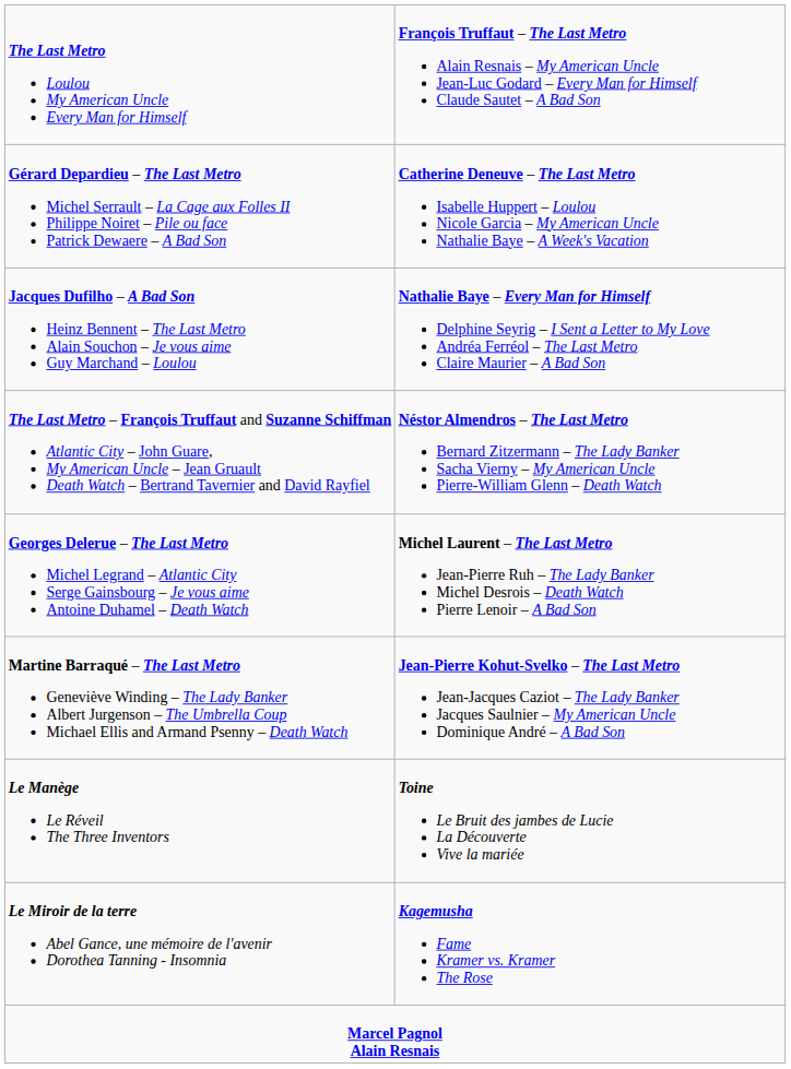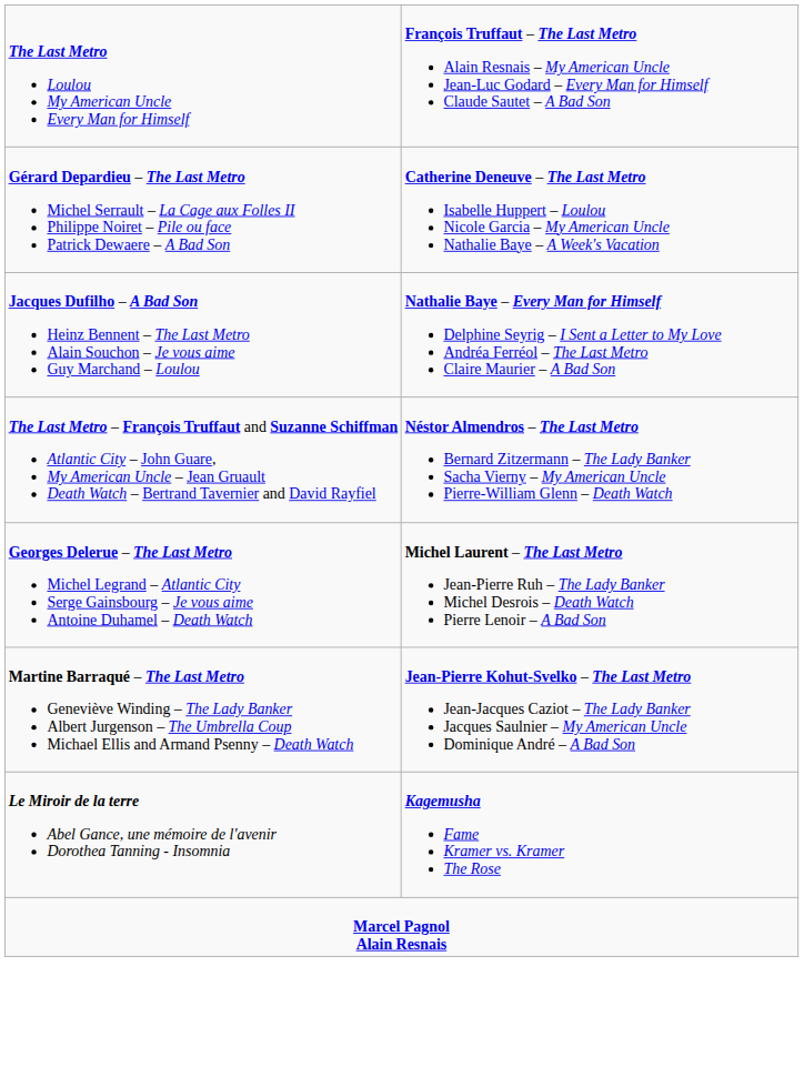 <table class=wikitable style="width="150%">
 <tr>
 <td valign="top" width="50%"><br><br><strong><em><a href='#'>The Last Metro</a></em></strong><ul><li><em><a href='#'>Loulou</a></em></li><li><em><a href='#'>My American Uncle</a></em></li><li><em><a href='#'>Every Man for Himself</a></em></li></ul></td>
 <td valign="top" width="50%"><br>  <strong><a href='#'>François Truffaut</a></strong> – <strong><em><a href='#'>The Last Metro</a></em></strong><ul><li><a href='#'>Alain Resnais</a> – <em><a href='#'>My American Uncle</a></em></li><li><a href='#'>Jean-Luc Godard</a> – <em><a href='#'>Every Man for Himself</a></em></li><li><a href='#'>Claude Sautet</a> – <em><a href='#'>A Bad Son</a></em></li></ul></td>
 </tr>
 <tr>
 <td valign="top" width="50%"><br>  <strong><a href='#'>Gérard Depardieu</a></strong> – <strong><em><a href='#'>The Last Metro</a></em></strong><ul><li><a href='#'>Michel Serrault</a> – <em><a href='#'>La Cage aux Folles II</a></em></li><li><a href='#'>Philippe Noiret</a> – <em><a href='#'>Pile ou face</a></em></li><li><a href='#'>Patrick Dewaere</a> – <em><a href='#'>A Bad Son</a></em></li></ul></td>
 <td valign="top" width="50%"><br>  <strong><a href='#'>Catherine Deneuve</a></strong> – <strong><em><a href='#'>The Last Metro</a></em></strong><ul><li><a href='#'>Isabelle Huppert</a> – <em><a href='#'>Loulou</a></em></li><li><a href='#'>Nicole Garcia</a> – <em><a href='#'>My American Uncle</a></em></li><li><a href='#'>Nathalie Baye</a> – <em><a href='#'>A Week's Vacation</a></em></li></ul></td>
 </tr>
 <tr>
 <td valign="top" width="50%"><br> <strong><a href='#'>Jacques Dufilho</a></strong> – <strong><em><a href='#'>A Bad Son</a></em></strong><ul><li><a href='#'>Heinz Bennent</a> – <em><a href='#'>The Last Metro</a></em></li><li><a href='#'>Alain Souchon</a> – <em><a href='#'>Je vous aime</a></em></li><li><a href='#'>Guy Marchand</a> – <em><a href='#'>Loulou</a></em></li></ul></td>
 <td valign="top" width="50%"><br>  <strong><a href='#'>Nathalie Baye</a></strong> – <strong><em><a href='#'>Every Man for Himself</a></em></strong><ul><li><a href='#'>Delphine Seyrig</a> – <em><a href='#'>I Sent a Letter to My Love</a></em></li><li><a href='#'>Andréa Ferréol</a> – <em><a href='#'>The Last Metro</a></em></li><li><a href='#'>Claire Maurier</a> – <em><a href='#'>A Bad Son</a></em></li></ul></td>
 </tr>
 <tr>
 <td valign="top" width="50%"><br> <strong><em><a href='#'>The Last Metro</a></em></strong> – <strong><a href='#'>François Truffaut</a></strong> and <strong><a href='#'>Suzanne Schiffman</a></strong><ul><li><em><a href='#'>Atlantic City</a></em> – <a href='#'>John Guare</a>,</li><li><em><a href='#'>My American Uncle</a></em> – <a href='#'>Jean Gruault</a></li><li><em><a href='#'>Death Watch</a></em> – <a href='#'>Bertrand Tavernier</a> and <a href='#'>David Rayfiel</a></li></ul></td>
 <td valign="top" width="50%"><br> <strong><a href='#'>Néstor Almendros</a></strong> – <strong><em><a href='#'>The Last Metro</a></em></strong><ul><li><a href='#'>Bernard Zitzermann</a> – <em><a href='#'>The Lady Banker</a></em></li><li><a href='#'>Sacha Vierny</a> – <em><a href='#'>My American Uncle</a></em></li><li><a href='#'>Pierre-William Glenn</a> – <em><a href='#'>Death Watch</a></em></li></ul></td>
 </tr>
 <tr>
 <td valign="top" width="50%"><br>  <strong><a href='#'>Georges Delerue</a></strong> – <strong><em><a href='#'>The Last Metro</a></em></strong><ul><li><a href='#'>Michel Legrand</a> – <em><a href='#'>Atlantic City</a></em></li><li><a href='#'>Serge Gainsbourg</a> – <em><a href='#'>Je vous aime</a></em></li><li><a href='#'>Antoine Duhamel</a> – <em><a href='#'>Death Watch</a></em></li></ul></td>
 <td valign="top" width="50%"><br> <strong>Michel Laurent</strong> – <strong><em><a href='#'>The Last Metro</a></em></strong><ul><li>Jean-Pierre Ruh –  <em><a href='#'>The Lady Banker</a></em></li><li>Michel Desrois – <em><a href='#'>Death Watch</a></em></li><li>Pierre Lenoir – <em><a href='#'>A Bad Son</a></em></li></ul></td>
 </tr>
 <tr>
 <td valign="top" width="50%"><br> <strong>Martine Barraqué</strong> – <strong><em><a href='#'>The Last Metro</a></em></strong><ul><li>Geneviève Winding – <em><a href='#'>The Lady Banker</a></em></li><li>Albert Jurgenson – <em><a href='#'>The Umbrella Coup</a></em></li><li>Michael Ellis and Armand Psenny – <em><a href='#'>Death Watch</a></em></li></ul></td>
 <td valign="top" width="50%"><br> <strong><a href='#'>Jean-Pierre Kohut-Svelko</a></strong> – <strong><em><a href='#'>The Last Metro</a></em></strong><ul><li>Jean-Jacques Caziot – <em><a href='#'>The Lady Banker</a></em></li><li>Jacques Saulnier – <em><a href='#'>My American Uncle</a></em></li><li>Dominique André – <em><a href='#'>A Bad Son</a></em></li></ul></td>
 </tr>
 <tr>
-<td valign="top" width="50%"><br> <strong><em>Le Manège</em></strong><ul><li><em>Le Réveil</em></li><li><em>The Three Inventors</em></li></ul></td>
-<td valign="top" width="50%"><br> <strong><em>Toine</em></strong><ul><li><em>Le Bruit des jambes de Lucie</em></li><li><em>La Découverte</em></li><li><em>Vive la mariée</em></li></ul></td>
-</tr>
-<tr>
 <td valign="top" width="50%"><br> <strong><em>Le Miroir de la terre</em></strong><ul><li><em>Abel Gance, une mémoire de l'avenir</em></li><li><em>Dorothea Tanning - Insomnia</em></li></ul></td>
 <td valign="top" width="50%"><br> <strong><em><a href='#'>Kagemusha</a></em></strong><ul><li><em><a href='#'>Fame</a></em></li><li><em><a href='#'>Kramer vs. Kramer</a></em></li><li><em><a href='#'>The Rose</a></em></li></ul></td>
 </tr>
 <tr>
 <td align="center" colspan="2"  valign="top" width="50%"><br> <strong><a href='#'>Marcel Pagnol</a></strong><br> <strong><a href='#'>Alain Resnais</a></strong></td>
 </tr>
 </table>
